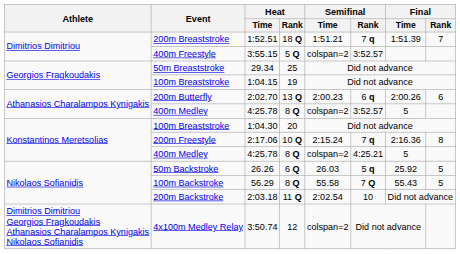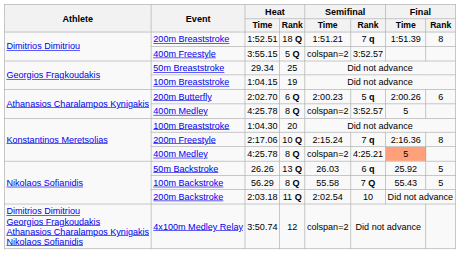 <table class=wikitable style="font-size:90%">
 <tr>
 <th rowspan="2">Athlete</th>
 <th rowspan="2">Event</th>
 <th colspan="2">Heat</th>
 <th colspan="2">Semifinal</th>
 <th colspan="2">Final</th>
 </tr>
 <tr style="font-size:95%">
 <th>Time</th>
 <th>Rank</th>
 <th>Time</th>
 <th>Rank</th>
 <th>Time</th>
 <th>Rank</th>
 </tr>
 <tr align=center>
 <td align=left rowspan=2><a href='#'>Dimitrios Dimitriou</a></td>
 <td align=left><a href='#'>200m Breaststroke</a></td>
 <td>1:52.51</td>
 <td>18 <strong>Q</strong></td>
 <td>1:51.21</td>
 <td>7 <strong>q</strong></td>
 <td>1:51.39</td>
-<td>7</td>
+<td>8</td>
 </tr>
 <tr align=center>
 <td align=left><a href='#'>400m Freestyle</a></td>
 <td>3:55.15</td>
 <td>5 <strong>Q</strong></td>
 <td>colspan=2 </td>
 <td>3:52.57</td>
 <td></td>
 </tr>
 <tr align=center>
 <td align=left rowspan=2><a href='#'>Georgios Fragkoudakis</a></td>
 <td align=left><a href='#'>50m Breaststroke</a></td>
 <td>29.34</td>
 <td>25</td>
 <td colspan=4>Did not advance</td>
 </tr>
 <tr align=center>
 <td align=left><a href='#'>100m Breaststroke</a></td>
 <td>1:04.15</td>
 <td>19</td>
 <td colspan=4>Did not advance</td>
 </tr>
 <tr align=center>
 <td align=left rowspan=2><a href='#'>Athanasios Charalampos Kynigakis</a></td>
 <td align=left><a href='#'>200m Butterfly</a></td>
 <td>2:02.70</td>
-<td>13 <strong>Q</strong></td>
+<td>6 <strong>Q</strong></td>
 <td>2:00.23</td>
-<td>6 <strong>q</strong></td>
+<td>5 <strong>q</strong></td>
 <td>2:00.26</td>
 <td>6</td>
 </tr>
 <tr align=center>
 <td align=left><a href='#'>400m Medley</a></td>
 <td>4:25.78</td>
 <td>8 <strong>Q</strong></td>
 <td>colspan=2 </td>
 <td>3:52.57</td>
 <td>5</td>
 </tr>
 <tr align=center>
 <td align=left rowspan=3><a href='#'>Konstantinos Meretsolias</a></td>
 <td align=left><a href='#'>100m Breaststroke</a></td>
 <td>1:04.30</td>
 <td>20</td>
 <td colspan=4>Did not advance</td>
 </tr>
 <tr align=center>
 <td align=left><a href='#'>200m Freestyle</a></td>
 <td>2:17.06</td>
 <td>10 <strong>Q</strong></td>
 <td>2:15.24</td>
 <td>7 <strong>q</strong></td>
 <td>2:16.36</td>
 <td>8</td>
 </tr>
 <tr align=center>
 <td align=left><a href='#'>400m Medley</a></td>
 <td>4:25.78</td>
 <td>8 <strong>Q</strong></td>
 <td>colspan=2 </td>
 <td>4:25.21</td>
-<td>5</td>
+<td style="background: lightsalmon;">5</td>
 </tr>
 <tr align=center>
 <td align=left rowspan=3><a href='#'>Nikolaos Sofianidis</a></td>
 <td align=left><a href='#'>50m Backstroke</a></td>
 <td>26.26</td>
-<td>6 <strong>Q</strong></td>
+<td>13 <strong>Q</strong></td>
 <td>26.03</td>
-<td>5 <strong>q</strong></td>
+<td>6 <strong>q</strong></td>
 <td>25.92</td>
 <td>5</td>
 </tr>
 <tr align=center>
 <td align=left><a href='#'>100m Backstroke</a></td>
 <td>56.29</td>
 <td>8 <strong>Q</strong></td>
 <td>55.58</td>
 <td>7 <strong>Q</strong></td>
 <td>55.43</td>
 <td>5</td>
 </tr>
 <tr align=center>
 <td align=left><a href='#'>200m Backstroke</a></td>
 <td>2:03.18</td>
 <td>11 <strong>Q</strong></td>
 <td>2:02.54</td>
 <td>10</td>
 <td colspan=2>Did not advance</td>
 </tr>
 <tr align=center>
 <td align=left><a href='#'>Dimitrios Dimitriou</a><br><a href='#'>Georgios Fragkoudakis</a><br><a href='#'>Athanasios Charalampos Kynigakis</a><br><a href='#'>Nikolaos Sofianidis</a></td>
 <td align=left><a href='#'>4x100m Medley Relay</a></td>
 <td>3:50.74</td>
 <td>12</td>
 <td>colspan=2 </td>
 <td colspan=2>Did not advance</td>
 </tr>
 </table>
